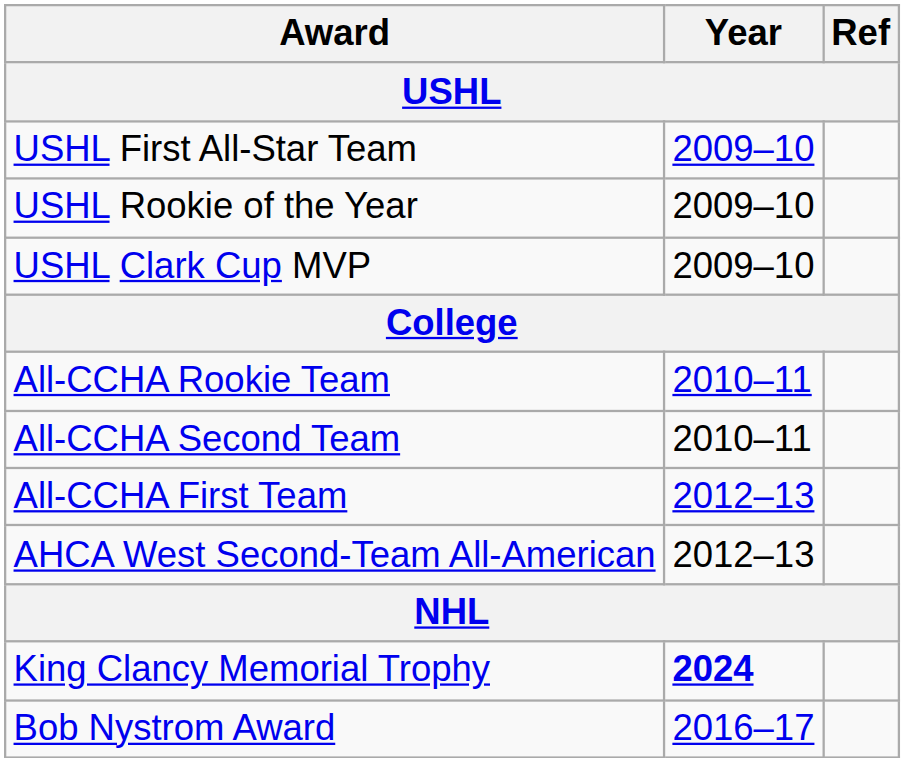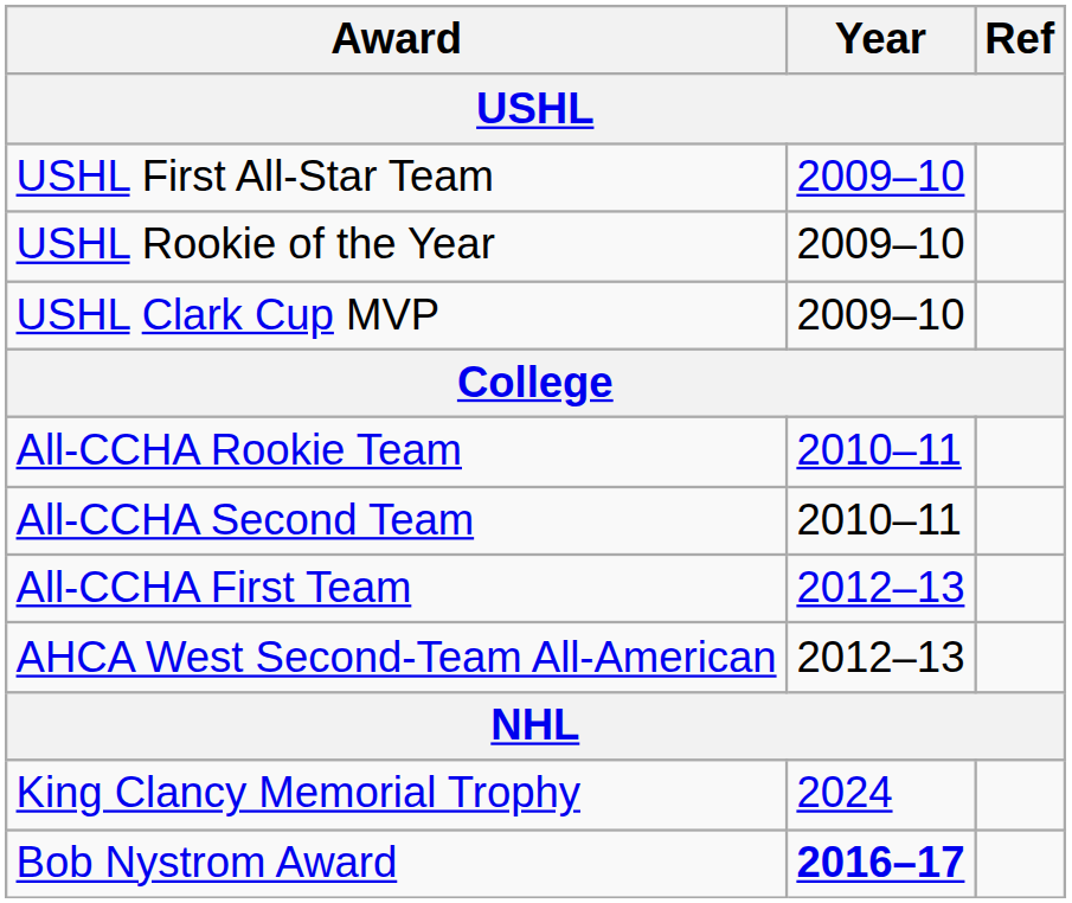 <table class="wikitable">
 <tr>
 <th>Award</th>
 <th>Year</th>
 <th>Ref</th>
 </tr>
 <tr>
 <th colspan="3"><a href='#'>USHL</a></th>
 </tr>
 <tr>
 <td><a href='#'>USHL</a> First All-Star Team</td>
 <td><a href='#'>2009–10</a></td>
 <td></td>
 </tr>
 <tr>
 <td><a href='#'>USHL</a> Rookie of the Year</td>
 <td>2009–10</td>
 <td></td>
 </tr>
 <tr>
 <td><a href='#'>USHL</a> <a href='#'>Clark Cup</a> MVP</td>
 <td>2009–10</td>
 <td></td>
 </tr>
 <tr>
 <th colspan="3"><a href='#'>College</a></th>
 </tr>
 <tr>
 <td><a href='#'>All-CCHA Rookie Team</a></td>
 <td><a href='#'>2010–11</a></td>
 <td></td>
 </tr>
 <tr>
 <td><a href='#'>All-CCHA Second Team</a></td>
 <td>2010–11</td>
 <td></td>
 </tr>
 <tr>
 <td><a href='#'>All-CCHA First Team</a></td>
 <td><a href='#'>2012–13</a></td>
 <td></td>
 </tr>
 <tr>
 <td><a href='#'>AHCA West Second-Team All-American</a></td>
 <td>2012–13</td>
 <td></td>
 </tr>
 <tr>
 <th colspan="3"><a href='#'>NHL</a></th>
 </tr>
 <tr>
 <td><a href='#'>King Clancy Memorial Trophy</a></td>
-<td><strong><a href='#'>2024</a></strong></td>
+<td><a href='#'>2024</a></td>
 <td></td>
 </tr>
 <tr>
 <td><a href='#'>Bob Nystrom Award</a></td>
-<td><a href='#'>2016–17</a></td>
+<td><strong><a href='#'>2016–17</a></strong></td>
 <td></td>
 </tr>
 </table>
